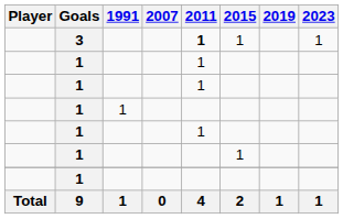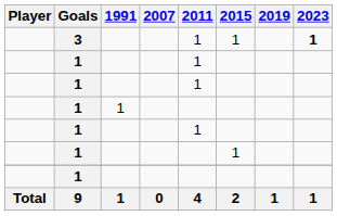 <table class="wikitable sortable" style="text-align:center;">
 <tr>
 <th>Player</th>
 <th>Goals</th>
 <th><a href='#'>1991</a></th>
 <th><a href='#'>2007</a></th>
 <th><a href='#'>2011</a></th>
 <th><a href='#'>2015</a></th>
 <th><a href='#'>2019</a></th>
 <th><a href='#'>2023</a></th>
 </tr>
 <tr>
 <td align="left"></td>
 <th>3</th>
 <td></td>
 <td></td>
-<td><strong>1</strong></td>
+<td>1</td>
 <td>1</td>
 <td></td>
-<td>1</td>
+<td><strong>1</strong></td>
 </tr>
 <tr>
 <td align="left"></td>
 <th>1</th>
 <td></td>
 <td></td>
 <td>1</td>
 <td></td>
 <td></td>
 <td></td>
 </tr>
 <tr>
 <td align="left"></td>
 <th>1</th>
 <td></td>
 <td></td>
 <td>1</td>
 <td></td>
 <td></td>
 <td></td>
 </tr>
 <tr>
 <td align="left"></td>
 <th>1</th>
 <td>1</td>
 <td></td>
 <td></td>
 <td></td>
 <td></td>
 <td></td>
 </tr>
 <tr>
 <td align="left"></td>
 <th>1</th>
 <td></td>
 <td></td>
 <td>1</td>
 <td></td>
 <td></td>
 <td></td>
 </tr>
 <tr>
 <td align="left"></td>
 <th>1</th>
 <td></td>
 <td></td>
 <td></td>
 <td>1</td>
 <td></td>
 <td></td>
 </tr>
 <tr>
 </tr>
 <tr>
 <td align="left"></td>
 <th>1</th>
 <td></td>
 <td></td>
 <td></td>
 <td></td>
 <td></td>
 <td></td>
 </tr>
 <tr class="sortbottom">
 <th>Total</th>
 <th>9</th>
 <th>1</th>
 <th>0</th>
 <th>4</th>
 <th>2</th>
 <th>1</th>
 <th>1</th>
 </tr>
 </table>
